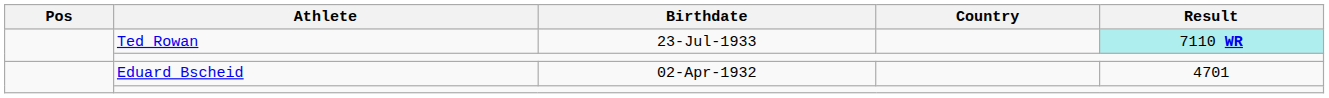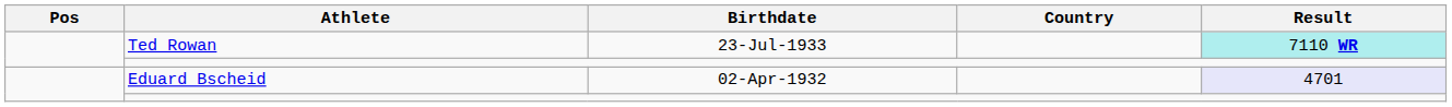 <table class="wikitable"  style="text-align:center; width:90%;">
 <tr>
 <th>Pos</th>
 <th>Athlete</th>
 <th>Birthdate</th>
 <th>Country</th>
 <th>Result</th>
 </tr>
 <tr>
 <td align=center rowspan=2></td>
 <td align=left><a href='#'>Ted Rowan</a></td>
 <td>23-Jul-1933</td>
 <td align=left></td>
 <td style="background: paleturquoise;">7110 <strong><a href='#'>WR</a></strong></td>
 </tr>
 <tr>
 <td colspan=4></td>
 </tr>
 <tr>
 <td align=center rowspan=2></td>
 <td align=left><a href='#'>Eduard Bscheid</a></td>
 <td>02-Apr-1932</td>
 <td align=left></td>
-<td>4701</td>
+<td style="background: lavender;">4701</td>
 </tr>
 <tr>
 <td colspan=4></td>
 </tr>
 </table>
